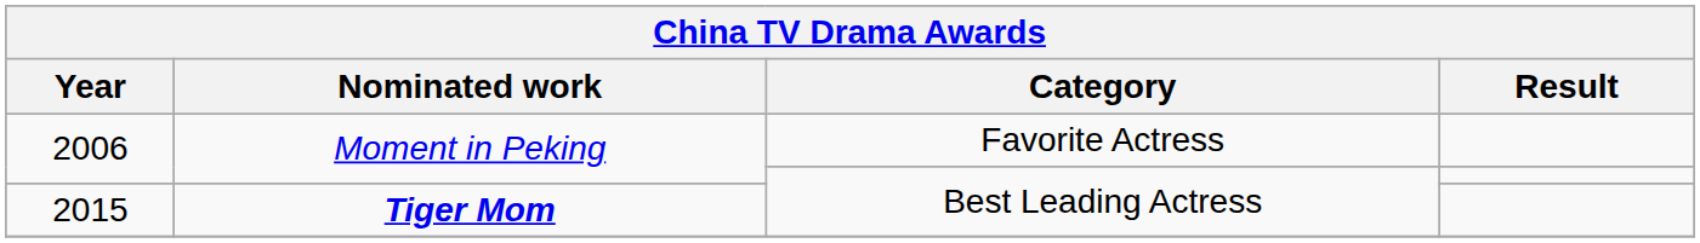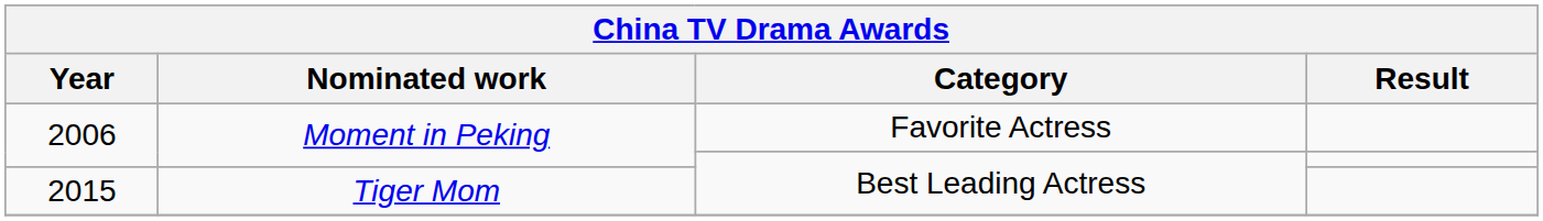 <table width="90%" class="wikitable sortable">
 <tr>
 <th colspan="4" align="center"><a href='#'>China TV Drama Awards</a></th>
 </tr>
 <tr>
 <th width="10%">Year</th>
 <th width="35%">Nominated work</th>
 <th width="40%">Category</th>
 <th width="15%">Result</th>
 </tr>
 <tr>
 <td align="center" rowspan=2>2006</td>
 <td align="center" rowspan=2><em><a href='#'>Moment in Peking</a></em></td>
 <td align="center">Favorite Actress</td>
 <td></td>
 </tr>
 <tr>
 <td align="center" rowspan=2>Best Leading Actress</td>
 <td></td>
 </tr>
 <tr>
 <td align="center" rowspan=1>2015</td>
-<td align="center" rowspan=1><strong><em><a href='#'>Tiger Mom</a></em></strong></td>
+<td align="center" rowspan=1><em><a href='#'>Tiger Mom</a></em></td>
 <td></td>
 </tr>
 <tr>
 </tr>
 </table>
